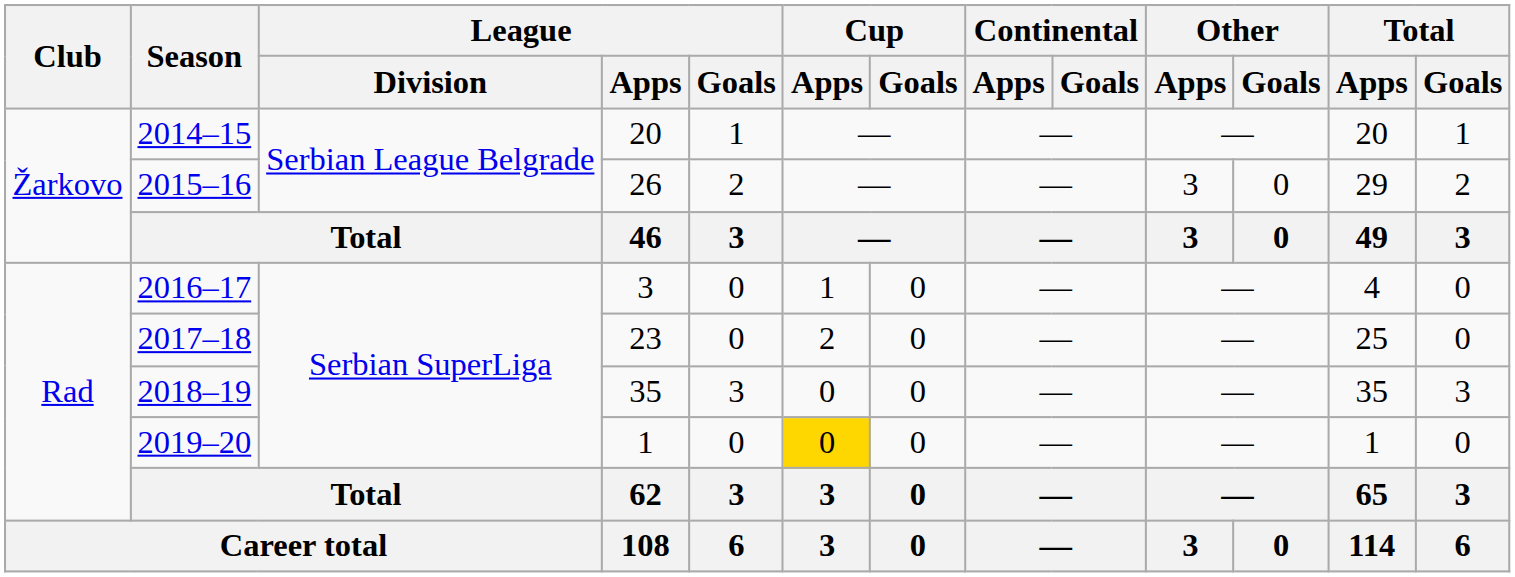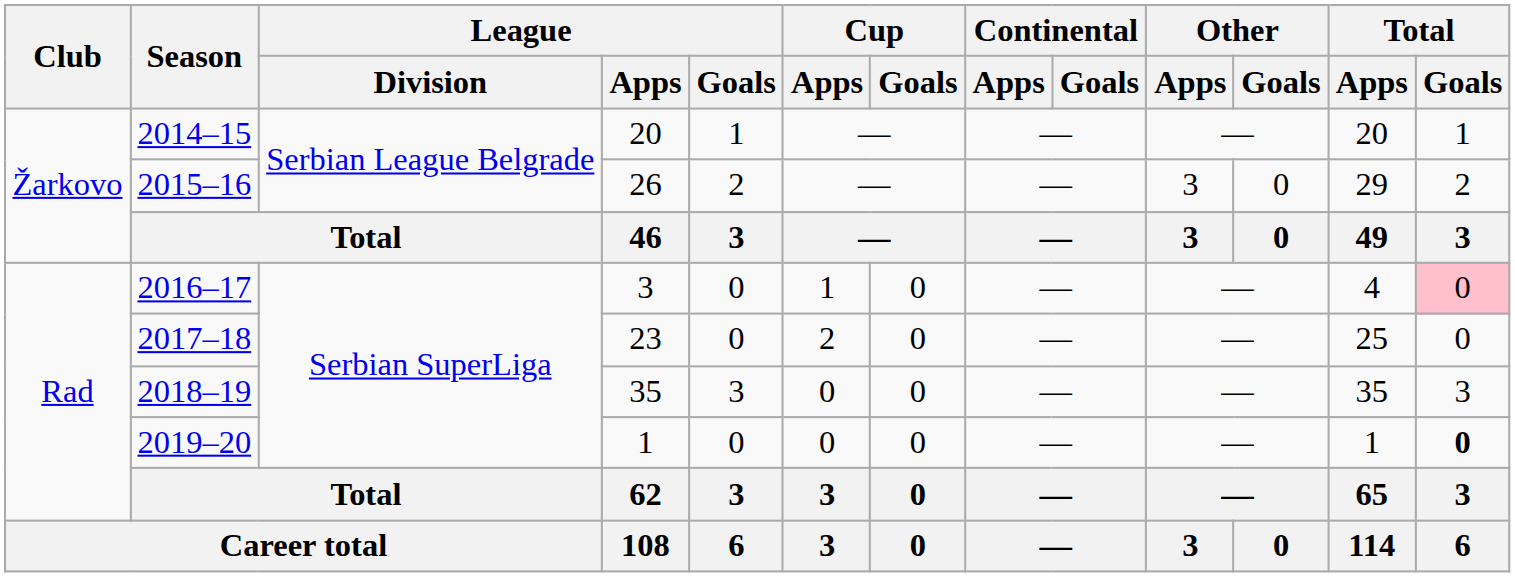 <table class="wikitable" style="text-align:center">
 <tr>
 <th rowspan="2">Club</th>
 <th rowspan="2">Season</th>
 <th colspan="3">League</th>
 <th colspan="2">Cup</th>
 <th colspan="2">Continental</th>
 <th colspan="2">Other</th>
 <th colspan="2">Total</th>
 </tr>
 <tr>
 <th>Division</th>
 <th>Apps</th>
 <th>Goals</th>
 <th>Apps</th>
 <th>Goals</th>
 <th>Apps</th>
 <th>Goals</th>
 <th>Apps</th>
 <th>Goals</th>
 <th>Apps</th>
 <th>Goals</th>
 </tr>
 <tr>
 <td rowspan="3"><a href='#'>Žarkovo</a></td>
 <td><a href='#'>2014–15</a></td>
 <td rowspan=2><a href='#'>Serbian League Belgrade</a></td>
 <td>20</td>
 <td>1</td>
 <td colspan="2">—</td>
 <td colspan="2">—</td>
 <td colspan="2">—</td>
 <td>20</td>
 <td>1</td>
 </tr>
 <tr>
 <td><a href='#'>2015–16</a></td>
 <td>26</td>
 <td>2</td>
 <td colspan="2">—</td>
 <td colspan="2">—</td>
 <td>3</td>
 <td>0</td>
 <td>29</td>
 <td>2</td>
 </tr>
 <tr>
 <th colspan="2">Total</th>
 <th>46</th>
 <th>3</th>
 <th colspan="2">—</th>
 <th colspan="2">—</th>
 <th>3</th>
 <th>0</th>
 <th>49</th>
 <th>3</th>
 </tr>
 <tr>
 <td rowspan="5"><a href='#'>Rad</a></td>
 <td><a href='#'>2016–17</a></td>
 <td rowspan=4><a href='#'>Serbian SuperLiga</a></td>
 <td>3</td>
 <td>0</td>
 <td>1</td>
 <td>0</td>
 <td colspan="2">—</td>
 <td colspan="2">—</td>
 <td>4</td>
-<td>0</td>
+<td style="background: pink;">0</td>
 </tr>
 <tr>
 <td><a href='#'>2017–18</a></td>
 <td>23</td>
 <td>0</td>
 <td>2</td>
 <td>0</td>
 <td colspan="2">—</td>
 <td colspan="2">—</td>
 <td>25</td>
 <td>0</td>
 </tr>
 <tr>
 <td><a href='#'>2018–19</a></td>
 <td>35</td>
 <td>3</td>
 <td>0</td>
 <td>0</td>
 <td colspan="2">—</td>
 <td colspan="2">—</td>
 <td>35</td>
 <td>3</td>
 </tr>
 <tr>
 <td><a href='#'>2019–20</a></td>
 <td>1</td>
 <td>0</td>
-<td style="background: gold;">0</td>
+<td>0</td>
 <td>0</td>
 <td colspan="2">—</td>
 <td colspan="2">—</td>
 <td>1</td>
-<td>0</td>
+<td><strong>0</strong></td>
 </tr>
 <tr>
 <th colspan="2">Total</th>
 <th>62</th>
 <th>3</th>
 <th>3</th>
 <th>0</th>
 <th colspan="2">—</th>
 <th colspan="2">—</th>
 <th>65</th>
 <th>3</th>
 </tr>
 <tr>
 <th colspan="3">Career total</th>
 <th>108</th>
 <th>6</th>
 <th>3</th>
 <th>0</th>
 <th colspan="2">—</th>
 <th>3</th>
 <th>0</th>
 <th>114</th>
 <th>6</th>
 </tr>
 </table>
